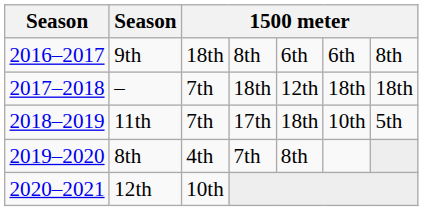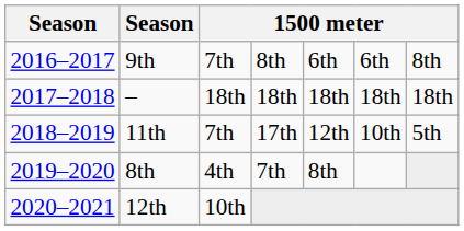 <table class="wikitable" style="display: inline-table">
 <tr>
 <th>Season</th>
 <th>Season</th>
 <th colspan="6">1500 meter</th>
 </tr>
 <tr>
 <td><a href='#'> 2016–2017</a></td>
 <td>9th</td>
-<td>18th</td>
+<td>7th</td>
 <td>8th</td>
 <td>6th</td>
 <td>6th</td>
 <td>8th</td>
 </tr>
 <tr>
 <td><a href='#'> 2017–2018</a></td>
 <td>–</td>
-<td>7th</td>
 <td>18th</td>
-<td>12th</td>
+<td>18th</td>
+<td>18th</td>
 <td>18th</td>
 <td>18th</td>
 </tr>
 <tr>
 <td><a href='#'> 2018–2019</a></td>
 <td>11th</td>
 <td>7th</td>
 <td>17th</td>
-<td>18th</td>
+<td>12th</td>
 <td>10th</td>
 <td>5th</td>
 </tr>
 <tr>
 <td><a href='#'> 2019–2020</a></td>
 <td>8th</td>
 <td>4th</td>
 <td>7th</td>
 <td>8th</td>
 <td></td>
 <td colspan="1" bgcolor=#EEEEEE></td>
 </tr>
 <tr>
 <td><a href='#'> 2020–2021</a></td>
 <td>12th</td>
 <td>10th</td>
 <td colspan="4" bgcolor=#EEEEEE></td>
 </tr>
 </table>
